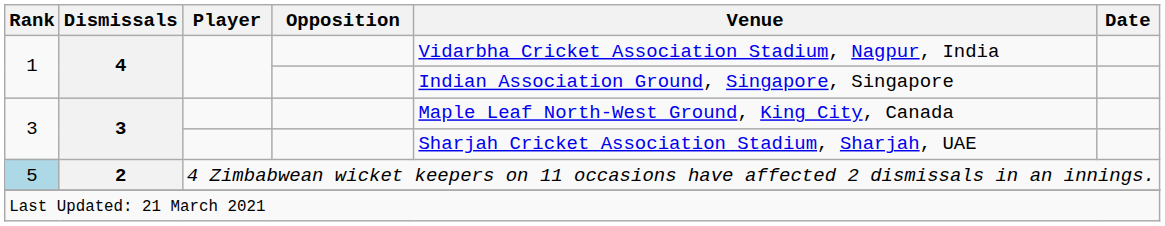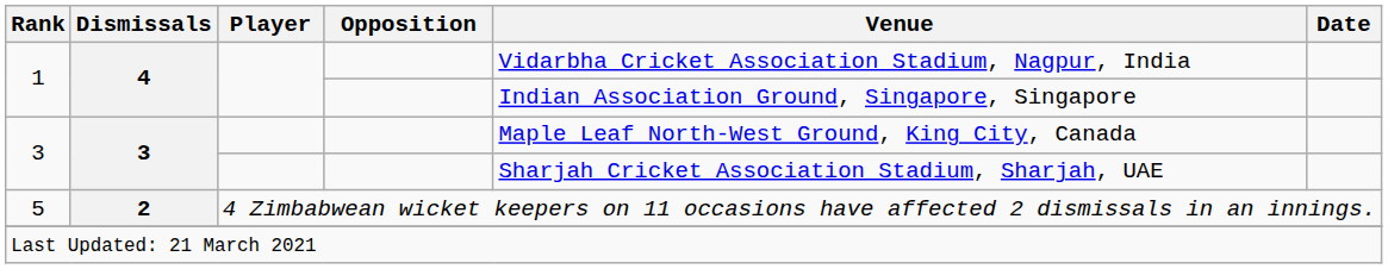 <table class="wikitable plainrowheaders sortable">
 <tr>
 <th scope=col>Rank</th>
 <th scope=col>Dismissals</th>
 <th scope=col>Player</th>
 <th scope=col>Opposition</th>
 <th scope=col>Venue</th>
 <th scope=col>Date</th>
 </tr>
 <tr>
 <td align=center rowspan=2>1</td>
 <th scope=row style=text-align:center; rowspan=2>4</th>
 <td rowspan=2> </td>
 <td></td>
 <td><a href='#'>Vidarbha Cricket Association Stadium</a>, <a href='#'>Nagpur</a>, India</td>
 <td></td>
 </tr>
 <tr>
 <td></td>
 <td><a href='#'>Indian Association Ground</a>, <a href='#'>Singapore</a>, Singapore</td>
 <td></td>
 </tr>
 <tr>
 <td align=center rowspan=2>3</td>
 <th scope=row style=text-align:center; rowspan=2>3</th>
 <td></td>
 <td></td>
 <td><a href='#'>Maple Leaf North-West Ground</a>, <a href='#'>King City</a>, Canada</td>
 <td></td>
 </tr>
 <tr>
 <td></td>
 <td></td>
 <td><a href='#'>Sharjah Cricket Association Stadium</a>, <a href='#'>Sharjah</a>, UAE</td>
 <td></td>
 </tr>
 <tr>
-<td align=center style="background: lightblue;">5</td>
+<td align=center>5</td>
 <th scope=row style=text-align:center;>2</th>
 <td colspan=4><em>4 Zimbabwean wicket keepers on 11 occasions have affected 2 dismissals in an innings.</em></td>
 </tr>
 <tr>
 </tr>
 <tr class=sortbottom>
 <td colspan=6><small>Last Updated: 21 March 2021</small></td>
 </tr>
 </table>
